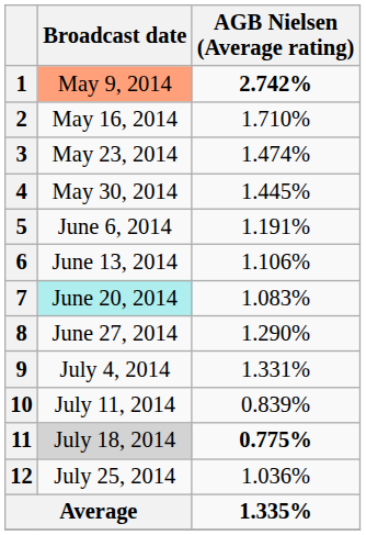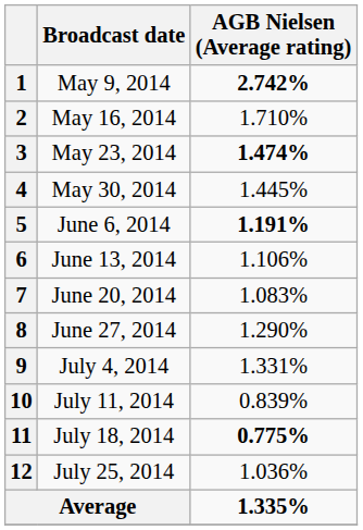 <table class=wikitable>
 <tr align=center>
 <th></th>
 <th>Broadcast date</th>
 <th>AGB Nielsen<br>(Average rating)</th>
 </tr>
 <tr align=center>
 <th>1</th>
-<td style="background: lightsalmon;">May 9, 2014</td>
+<td>May 9, 2014</td>
 <td><span><strong>2.742%</strong></span></td>
 </tr>
 <tr align=center>
 <th>2</th>
 <td>May 16, 2014</td>
 <td>1.710%</td>
 </tr>
 <tr align=center>
 <th>3</th>
 <td>May 23, 2014</td>
-<td>1.474%</td>
+<td><strong>1.474%</strong></td>
 </tr>
 <tr align=center>
 <th>4</th>
 <td>May 30, 2014</td>
 <td>1.445%</td>
 </tr>
 <tr align=center>
 <th>5</th>
 <td>June 6, 2014</td>
-<td>1.191%</td>
+<td><strong>1.191%</strong></td>
 </tr>
 <tr align=center>
 <th>6</th>
 <td>June 13, 2014</td>
 <td>1.106%</td>
 </tr>
 <tr align=center>
 <th>7</th>
-<td style="background: paleturquoise;">June 20, 2014</td>
+<td>June 20, 2014</td>
 <td>1.083%</td>
 </tr>
 <tr align=center>
 <th>8</th>
 <td>June 27, 2014</td>
 <td>1.290%</td>
 </tr>
 <tr align=center>
 <th>9</th>
 <td>July 4, 2014</td>
 <td>1.331%</td>
 </tr>
 <tr align=center>
 <th>10</th>
 <td>July 11, 2014</td>
 <td>0.839%</td>
 </tr>
 <tr align=center>
 <th>11</th>
-<td style="background: lightgrey;">July 18, 2014</td>
+<td>July 18, 2014</td>
 <td><span><strong>0.775%</strong></span></td>
 </tr>
 <tr align=center>
 <th>12</th>
 <td>July 25, 2014</td>
 <td>1.036%</td>
 </tr>
 <tr align=center>
 <th colspan=2>Average</th>
 <td><span><strong>1.335%</strong></span></td>
 </tr>
 <tr align=center>
 </tr>
 </table>
